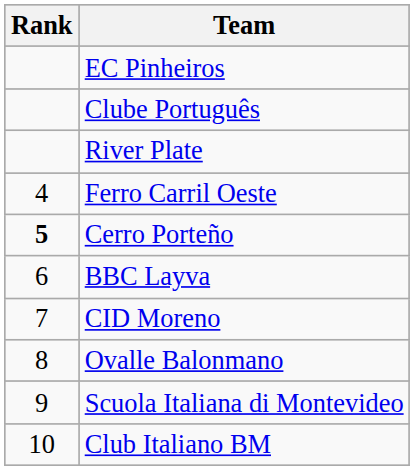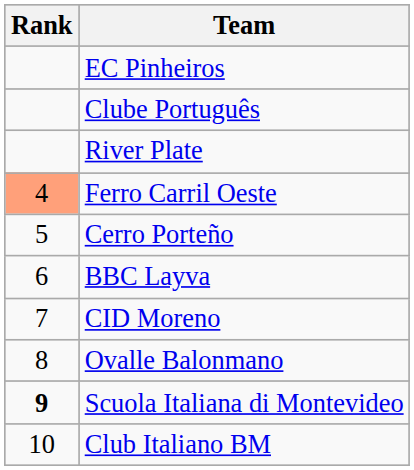 <table class="wikitable">
 <tr>
 <th>Rank</th>
 <th>Team</th>
 </tr>
 <tr>
 <td align=center></td>
 <td> <a href='#'>EC Pinheiros</a></td>
 </tr>
 <tr>
 <td align=center></td>
 <td> <a href='#'>Clube Português</a></td>
 </tr>
 <tr>
 <td align=center></td>
 <td> <a href='#'>River Plate</a></td>
 </tr>
 <tr>
-<td align=center>4</td>
+<td align=center style="background: lightsalmon;">4</td>
 <td> <a href='#'>Ferro Carril Oeste</a></td>
 </tr>
 <tr>
-<td align=center><strong>5</strong></td>
+<td align=center>5</td>
 <td> <a href='#'>Cerro Porteño</a></td>
 </tr>
 <tr>
 <td align=center>6</td>
 <td> <a href='#'>BBC Layva</a></td>
 </tr>
 <tr>
 <td align=center>7</td>
 <td> <a href='#'>CID Moreno</a></td>
 </tr>
 <tr>
 <td align=center>8</td>
 <td> <a href='#'>Ovalle Balonmano</a></td>
 </tr>
 <tr>
-<td align=center>9</td>
+<td align=center><strong>9</strong></td>
 <td> <a href='#'>Scuola Italiana di Montevideo</a></td>
 </tr>
 <tr>
 <td align=center>10</td>
 <td> <a href='#'>Club Italiano BM</a></td>
 </tr>
 </table>
